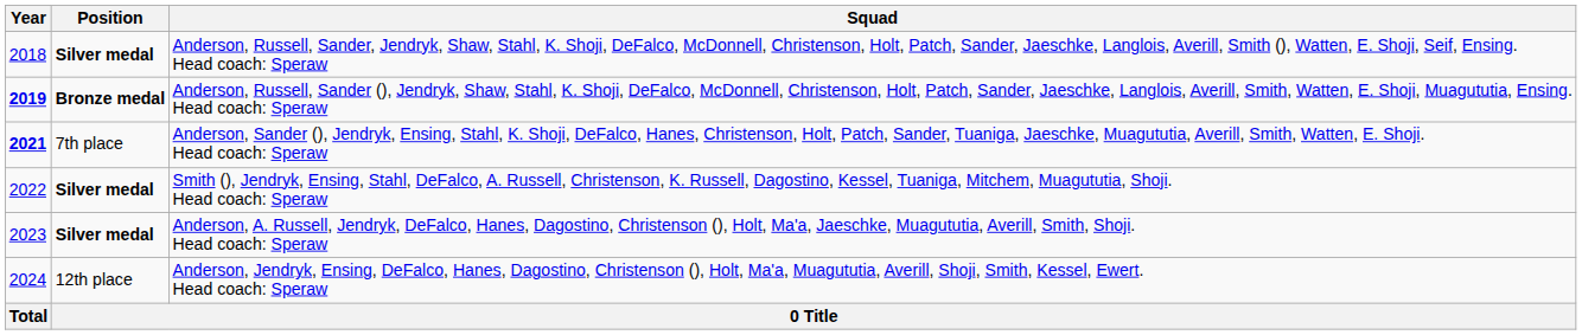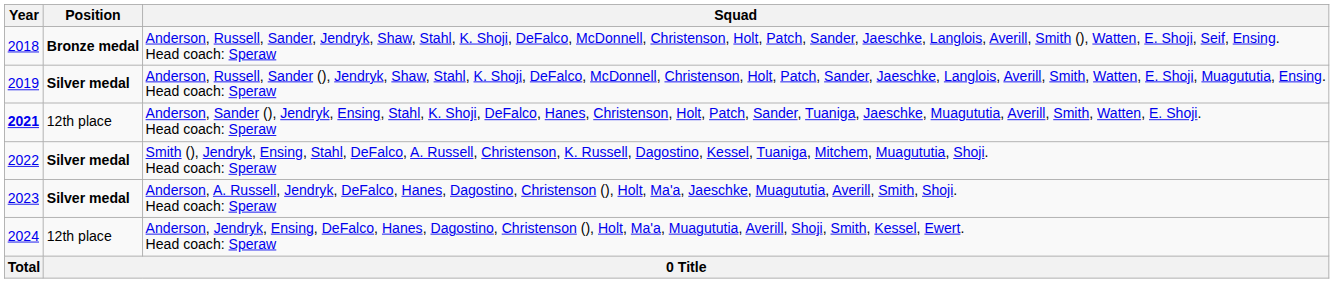 <table class="wikitable" style="text-align: center;">
 <tr>
 <th>Year</th>
 <th>Position</th>
 <th>Squad</th>
 </tr>
 <tr style="text-align:left;">
 <td><a href='#'>2018</a></td>
-<td> <strong>Silver medal</strong></td>
+<td> <strong>Bronze medal</strong></td>
 <td><a href='#'>Anderson</a>, <a href='#'>Russell</a>, <a href='#'>Sander</a>, <a href='#'>Jendryk</a>, <a href='#'>Shaw</a>, <a href='#'>Stahl</a>, <a href='#'>K. Shoji</a>, <a href='#'>DeFalco</a>, <a href='#'>McDonnell</a>, <a href='#'>Christenson</a>, <a href='#'>Holt</a>, <a href='#'>Patch</a>, <a href='#'>Sander</a>, <a href='#'>Jaeschke</a>, <a href='#'>Langlois</a>, <a href='#'>Averill</a>, <a href='#'>Smith</a> (), <a href='#'>Watten</a>, <a href='#'>E. Shoji</a>, <a href='#'>Seif</a>, <a href='#'>Ensing</a>. <br>Head coach: <a href='#'>Speraw</a></td>
 </tr>
 <tr style="text-align:left;">
-<td><strong><a href='#'>2019</a></strong></td>
-<td> <strong>Bronze medal</strong></td>
+<td><a href='#'>2019</a></td>
+<td> <strong>Silver medal</strong></td>
 <td><a href='#'>Anderson</a>, <a href='#'>Russell</a>, <a href='#'>Sander</a> (), <a href='#'>Jendryk</a>, <a href='#'>Shaw</a>, <a href='#'>Stahl</a>, <a href='#'>K. Shoji</a>, <a href='#'>DeFalco</a>, <a href='#'>McDonnell</a>, <a href='#'>Christenson</a>, <a href='#'>Holt</a>, <a href='#'>Patch</a>, <a href='#'>Sander</a>, <a href='#'>Jaeschke</a>, <a href='#'>Langlois</a>, <a href='#'>Averill</a>, <a href='#'>Smith</a>, <a href='#'>Watten</a>, <a href='#'>E. Shoji</a>, <a href='#'>Muagututia</a>, <a href='#'>Ensing</a>. <br>Head coach: <a href='#'>Speraw</a></td>
 </tr>
 <tr style="text-align:left;">
 <td><strong><a href='#'>2021</a></strong></td>
-<td>7th place</td>
+<td>12th place</td>
 <td><a href='#'>Anderson</a>, <a href='#'>Sander</a> (), <a href='#'>Jendryk</a>, <a href='#'>Ensing</a>, <a href='#'>Stahl</a>, <a href='#'>K. Shoji</a>, <a href='#'>DeFalco</a>, <a href='#'>Hanes</a>, <a href='#'>Christenson</a>, <a href='#'>Holt</a>, <a href='#'>Patch</a>, <a href='#'>Sander</a>, <a href='#'>Tuaniga</a>, <a href='#'>Jaeschke</a>, <a href='#'>Muagututia</a>, <a href='#'>Averill</a>, <a href='#'>Smith</a>, <a href='#'>Watten</a>, <a href='#'>E. Shoji</a>. <br>Head coach: <a href='#'>Speraw</a></td>
 </tr>
 <tr style="text-align:left;">
 <td><a href='#'>2022</a></td>
 <td> <strong>Silver medal</strong></td>
 <td><a href='#'>Smith</a> (), <a href='#'>Jendryk</a>, <a href='#'>Ensing</a>, <a href='#'>Stahl</a>, <a href='#'>DeFalco</a>, <a href='#'>A. Russell</a>, <a href='#'>Christenson</a>, <a href='#'>K. Russell</a>, <a href='#'>Dagostino</a>, <a href='#'>Kessel</a>, <a href='#'>Tuaniga</a>, <a href='#'>Mitchem</a>, <a href='#'>Muagututia</a>, <a href='#'>Shoji</a>. <br>Head coach: <a href='#'>Speraw</a></td>
 </tr>
 <tr style="text-align:left;">
 <td><a href='#'>2023</a></td>
 <td> <strong>Silver medal</strong></td>
 <td><a href='#'>Anderson</a>, <a href='#'>A. Russell</a>, <a href='#'>Jendryk</a>, <a href='#'>DeFalco</a>, <a href='#'>Hanes</a>, <a href='#'>Dagostino</a>, <a href='#'>Christenson</a> (), <a href='#'>Holt</a>, <a href='#'>Ma'a</a>, <a href='#'>Jaeschke</a>, <a href='#'>Muagututia</a>, <a href='#'>Averill</a>, <a href='#'>Smith</a>, <a href='#'>Shoji</a>. <br>Head coach: <a href='#'>Speraw</a></td>
 </tr>
 <tr style="text-align:left;">
 <td><a href='#'>2024</a></td>
 <td>12th place</td>
 <td><a href='#'>Anderson</a>, <a href='#'>Jendryk</a>, <a href='#'>Ensing</a>, <a href='#'>DeFalco</a>, <a href='#'>Hanes</a>, <a href='#'>Dagostino</a>, <a href='#'>Christenson</a> (), <a href='#'>Holt</a>, <a href='#'>Ma'a</a>, <a href='#'>Muagututia</a>, <a href='#'>Averill</a>, <a href='#'>Shoji</a>, <a href='#'>Smith</a>, <a href='#'>Kessel</a>, <a href='#'>Ewert</a>.<br>Head coach: <a href='#'>Speraw</a></td>
 </tr>
 <tr>
 <th>Total</th>
 <th colspan="2">0 Title</th>
 </tr>
 </table>
